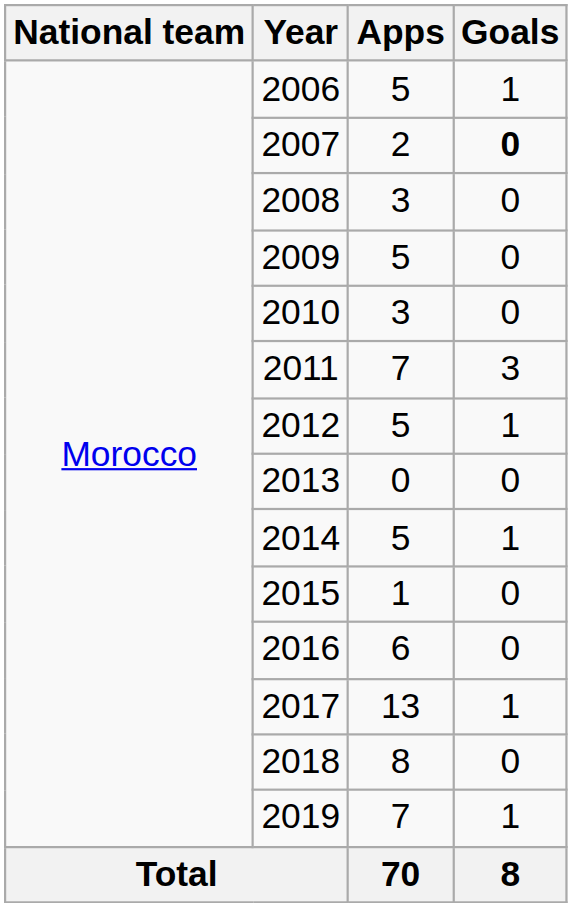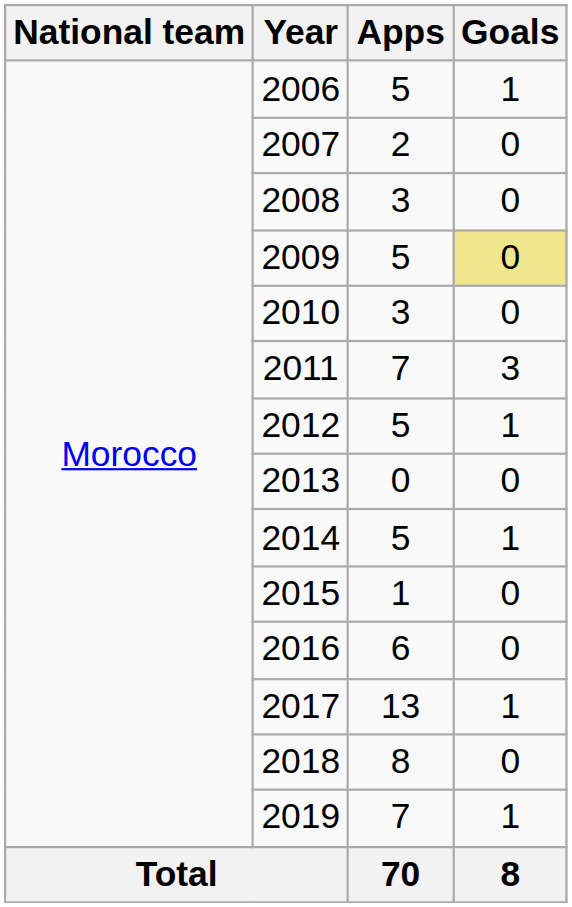 <table class="wikitable" style="text-align:center">
 <tr>
 <th>National team</th>
 <th>Year</th>
 <th>Apps</th>
 <th>Goals</th>
 </tr>
 <tr>
 <td rowspan="14"><a href='#'>Morocco</a></td>
 <td>2006</td>
 <td>5</td>
 <td>1</td>
 </tr>
 <tr>
 <td>2007</td>
 <td>2</td>
-<td><strong>0</strong></td>
+<td>0</td>
 </tr>
 <tr>
 <td>2008</td>
 <td>3</td>
 <td>0</td>
 </tr>
 <tr>
 <td>2009</td>
 <td>5</td>
-<td>0</td>
+<td style="background: khaki;">0</td>
 </tr>
 <tr>
 <td>2010</td>
 <td>3</td>
 <td>0</td>
 </tr>
 <tr>
 <td>2011</td>
 <td>7</td>
 <td>3</td>
 </tr>
 <tr>
 <td>2012</td>
 <td>5</td>
 <td>1</td>
 </tr>
 <tr>
 <td>2013</td>
 <td>0</td>
 <td>0</td>
 </tr>
 <tr>
 <td>2014</td>
 <td>5</td>
 <td>1</td>
 </tr>
 <tr>
 <td>2015</td>
 <td>1</td>
 <td>0</td>
 </tr>
 <tr>
 <td>2016</td>
 <td>6</td>
 <td>0</td>
 </tr>
 <tr>
 <td>2017</td>
 <td>13</td>
 <td>1</td>
 </tr>
 <tr>
 <td>2018</td>
 <td>8</td>
 <td>0</td>
 </tr>
 <tr>
 <td>2019</td>
 <td>7</td>
 <td>1</td>
 </tr>
 <tr>
 <th colspan="2">Total</th>
 <th>70</th>
 <th>8</th>
 </tr>
 </table>
